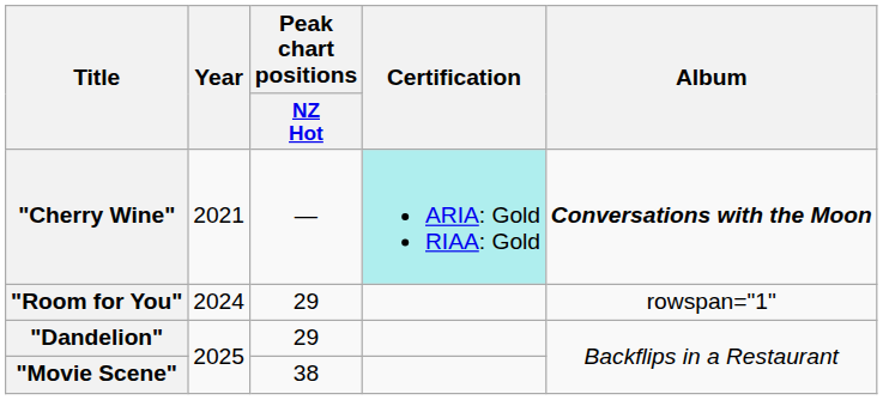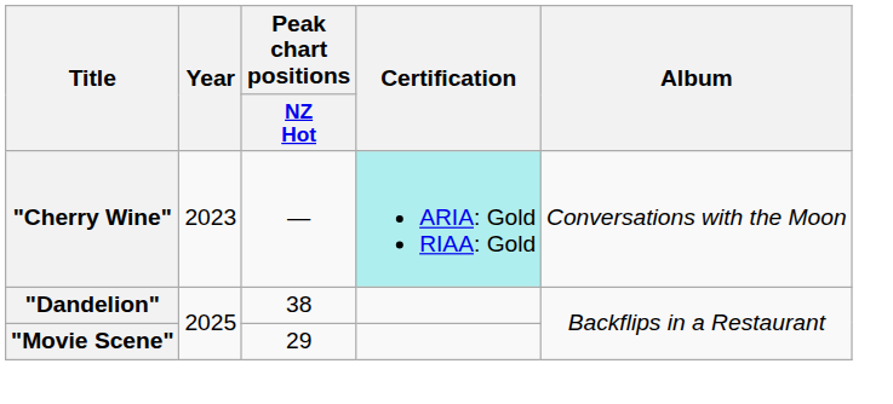 <table class="wikitable plainrowheaders" style="text-align:center;">
 <tr>
 <th scope="col" rowspan="2">Title</th>
 <th scope="col" rowspan="2">Year</th>
 <th scope="col" colspan="1">Peak chart positions</th>
 <th scope="col" rowspan="2">Certification</th>
 <th scope="col" rowspan="2">Album</th>
 </tr>
 <tr>
 <th scope="col" style="width:3em;font-size:90%;"><a href='#'>NZ<br>Hot</a><br></th>
 </tr>
 <tr>
 <th scope="row">"Cherry Wine"</th>
-<td>2021</td>
+<td>2023</td>
 <td>—</td>
 <td style="background: paleturquoise;"><br><ul><li><a href='#'>ARIA</a>: Gold</li><li><a href='#'>RIAA</a>: Gold</li></ul></td>
-<td><strong><em>Conversations with the Moon</em></strong></td>
-</tr>
-<tr>
-<th scope="row">"Room for You"<br></th>
-<td>2024</td>
-<td>29</td>
-<td></td>
-<td>rowspan="1" </td>
+<td><em>Conversations with the Moon</em></td>
 </tr>
 <tr>
 <th scope="row">"Dandelion"<br></th>
 <td rowspan="2">2025</td>
-<td>29</td>
+<td>38</td>
 <td></td>
 <td rowspan="2"><em>Backflips in a Restaurant</em></td>
 </tr>
 <tr>
 <th scope="row">"Movie Scene"</th>
-<td>38</td>
+<td>29</td>
 <td></td>
 </tr>
 </table>
